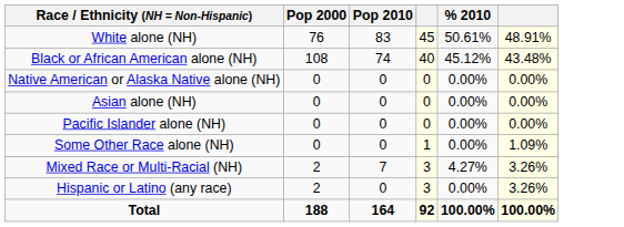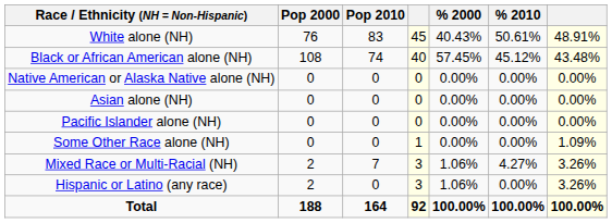 <table class="wikitable"  style="text-align:center;">
 <tr>
 <th>Race / Ethnicity <small>(<em>NH = Non-Hispanic</em>)</small></th>
 <th>Pop 2000</th>
 <th>Pop 2010</th>
 <th></th>
+<th>% 2000</th>
 <th>% 2010</th>
 <th></th>
 </tr>
 <tr>
 <td><a href='#'>White</a> alone (NH)</td>
 <td>76</td>
 <td>83</td>
 <td style='background: #ffffe6;'>45</td>
+<td>40.43%</td>
 <td>50.61%</td>
 <td style='background: #ffffe6;'>48.91%</td>
 </tr>
 <tr>
 <td><a href='#'>Black or African American</a> alone (NH)</td>
 <td>108</td>
 <td>74</td>
 <td style='background: #ffffe6;'>40</td>
+<td>57.45%</td>
 <td>45.12%</td>
 <td style='background: #ffffe6;'>43.48%</td>
 </tr>
 <tr>
 <td><a href='#'>Native American</a> or <a href='#'>Alaska Native</a> alone (NH)</td>
 <td>0</td>
 <td>0</td>
 <td style='background: #ffffe6;'>0</td>
 <td>0.00%</td>
+<td>0.00%</td>
 <td style='background: #ffffe6;'>0.00%</td>
 </tr>
 <tr>
 <td><a href='#'>Asian</a> alone (NH)</td>
 <td>0</td>
 <td>0</td>
 <td style='background: #ffffe6;'>0</td>
+<td>0.00%</td>
 <td>0.00%</td>
 <td style='background: #ffffe6;'>0.00%</td>
 </tr>
 <tr>
 <td><a href='#'>Pacific Islander</a> alone (NH)</td>
 <td>0</td>
 <td>0</td>
 <td style='background: #ffffe6;'>0</td>
 <td>0.00%</td>
+<td>0.00%</td>
 <td style='background: #ffffe6;'>0.00%</td>
 </tr>
 <tr>
 <td><a href='#'>Some Other Race</a> alone (NH)</td>
 <td>0</td>
 <td>0</td>
 <td style='background: #ffffe6;'>1</td>
 <td>0.00%</td>
+<td>0.00%</td>
 <td style='background: #ffffe6;'>1.09%</td>
 </tr>
 <tr>
 <td><a href='#'>Mixed Race or Multi-Racial</a> (NH)</td>
 <td>2</td>
 <td>7</td>
 <td style='background: #ffffe6;'>3</td>
+<td>1.06%</td>
 <td>4.27%</td>
 <td style='background: #ffffe6;'>3.26%</td>
 </tr>
 <tr>
 <td><a href='#'>Hispanic or Latino</a> (any race)</td>
 <td>2</td>
 <td>0</td>
 <td style='background: #ffffe6;'>3</td>
+<td>1.06%</td>
 <td>0.00%</td>
 <td style='background: #ffffe6;'>3.26%</td>
 </tr>
 <tr>
 <td><strong>Total</strong></td>
 <td><strong>188</strong></td>
 <td><strong>164</strong></td>
 <td style='background: #ffffe6;'><strong>92</strong></td>
 <td><strong>100.00%</strong></td>
+<td><strong>100.00%</strong></td>
 <td style='background: #ffffe6;'><strong>100.00%</strong></td>
 </tr>
 </table>
